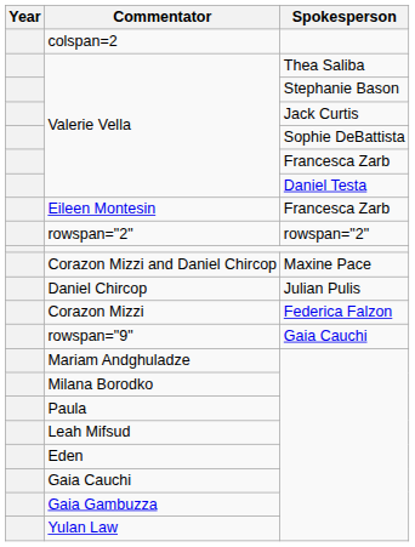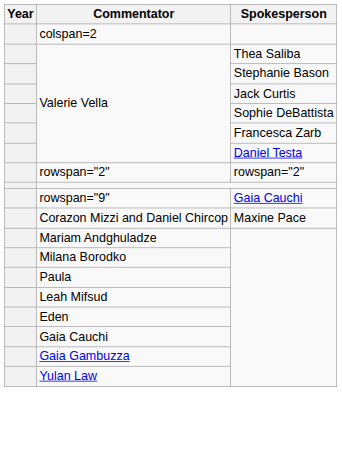 <table class="wikitable sortable plainrowheaders">
 <tr>
 <th>Year</th>
 <th>Commentator</th>
 <th>Spokesperson</th>
 </tr>
 <tr>
 <th scope="row"></th>
 <td>colspan=2 </td>
 </tr>
 <tr>
 <th scope="row"></th>
 <td rowspan="6">Valerie Vella</td>
 <td>Thea Saliba</td>
 </tr>
 <tr>
 <th scope="row"></th>
 <td>Stephanie Bason</td>
 </tr>
 <tr>
 <th scope="row"></th>
 <td>Jack Curtis</td>
 </tr>
 <tr>
 <th scope="row"></th>
 <td>Sophie DeBattista</td>
 </tr>
 <tr>
 <th scope="row"></th>
 <td>Francesca Zarb</td>
 </tr>
 <tr>
 <th scope="row"></th>
 <td><a href='#'>Daniel Testa</a></td>
 </tr>
 <tr>
 <th scope="row"></th>
-<td><a href='#'>Eileen Montesin</a></td>
-<td>Francesca Zarb</td>
-</tr>
-<tr>
-<th scope="row"></th>
 <td>rowspan="2" </td>
 <td>rowspan="2" </td>
 </tr>
 <tr>
 <th scope="row"></th>
 </tr>
 <tr>
 <th scope="row"></th>
-<td>Corazon Mizzi and Daniel Chircop</td>
-<td>Maxine Pace</td>
+<td>rowspan="9" </td>
+<td><a href='#'>Gaia Cauchi</a></td>
 </tr>
 <tr>
 <th scope="row"></th>
-<td>Daniel Chircop</td>
-<td>Julian Pulis</td>
-</tr>
-<tr>
-<th scope="row"></th>
-<td>Corazon Mizzi</td>
-<td><a href='#'>Federica Falzon</a></td>
-</tr>
-<tr>
-<th scope="row"></th>
-<td>rowspan="9" </td>
-<td><a href='#'>Gaia Cauchi</a></td>
+<td>Corazon Mizzi and Daniel Chircop</td>
+<td>Maxine Pace</td>
 </tr>
 <tr>
 <th scope="row"></th>
 <td>Mariam Andghuladze</td>
 </tr>
 <tr>
 <th scope="row"></th>
 <td>Milana Borodko</td>
 </tr>
 <tr>
 <th scope="row"></th>
 <td>Paula</td>
 </tr>
 <tr>
 <th scope="row"></th>
 <td>Leah Mifsud</td>
 </tr>
 <tr>
 <th scope="row"></th>
 <td>Eden</td>
 </tr>
 <tr>
 <th scope="row"></th>
 <td>Gaia Cauchi</td>
 </tr>
 <tr>
 <th scope="row"></th>
 <td><a href='#'>Gaia Gambuzza</a></td>
 </tr>
 <tr>
 <th scope="row"></th>
 <td><a href='#'>Yulan Law</a></td>
 </tr>
 </table>
